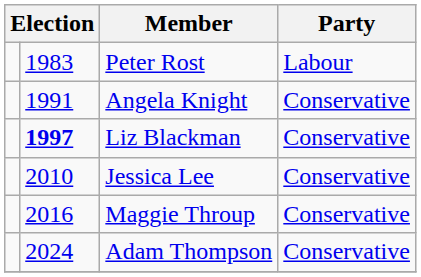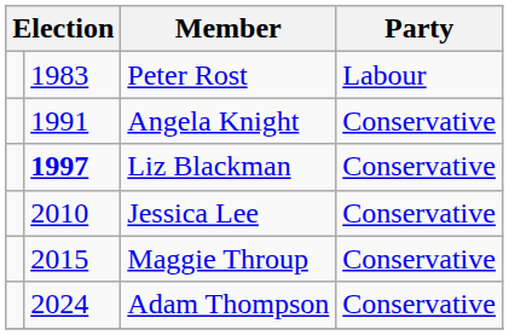 <table class="wikitable">
 <tr>
 <th colspan="2">Election</th>
 <th>Member</th>
 <th>Party</th>
 </tr>
 <tr>
 <td style="color:inherit;background-color: "></td>
 <td><a href='#'>1983</a></td>
 <td><a href='#'>Peter Rost</a></td>
 <td><a href='#'>Labour</a></td>
 </tr>
 <tr>
 <td style="color:inherit;background-color: "></td>
 <td><a href='#'>1991</a></td>
 <td><a href='#'>Angela Knight</a></td>
 <td><a href='#'>Conservative</a></td>
 </tr>
 <tr>
 <td style="color:inherit;background-color: "></td>
 <td><strong><a href='#'>1997</a></strong></td>
 <td><a href='#'>Liz Blackman</a></td>
 <td><a href='#'>Conservative</a></td>
 </tr>
 <tr>
 <td style="color:inherit;background-color: "></td>
 <td><a href='#'>2010</a></td>
 <td><a href='#'>Jessica Lee</a></td>
 <td><a href='#'>Conservative</a></td>
 </tr>
 <tr>
 <td style="color:inherit;background-color: "></td>
-<td><a href='#'>2016</a></td>
+<td><a href='#'>2015</a></td>
 <td><a href='#'>Maggie Throup</a></td>
 <td><a href='#'>Conservative</a></td>
 </tr>
 <tr>
 <td style="color:inherit;background-color: "></td>
 <td><a href='#'>2024</a></td>
 <td><a href='#'>Adam Thompson</a></td>
 <td><a href='#'>Conservative</a></td>
 </tr>
 <tr>
 </tr>
 </table>
